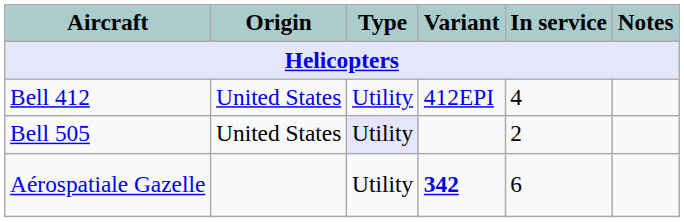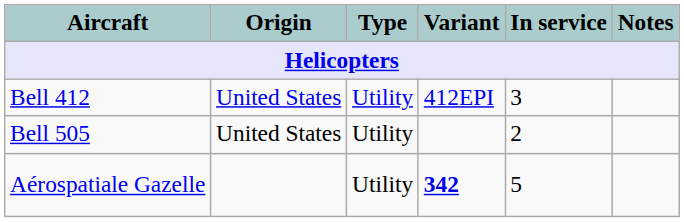 <table class="wikitable">
 <tr>
 <th style="text-align:center; background:#acc;">Aircraft</th>
 <th style="text-align: center; background:#acc;">Origin</th>
 <th style="text-align:l center; background:#acc;">Type</th>
 <th style="text-align:left; background:#acc;">Variant</th>
 <th style="text-align:center; background:#acc;">In service</th>
 <th style="text-align: center; background:#acc;">Notes</th>
 </tr>
 <tr>
 <th colspan="6" style="align: center; background: lavender;"><a href='#'>Helicopters</a></th>
 </tr>
 <tr>
 <td><a href='#'>Bell 412</a></td>
 <td><a href='#'>United States</a></td>
 <td><a href='#'>Utility</a></td>
 <td><a href='#'>412EPI</a></td>
-<td>4</td>
+<td>3</td>
 <td></td>
 </tr>
 <tr>
 <td><a href='#'>Bell 505</a></td>
 <td>United States</td>
-<td style="background: lavender;">Utility</td>
+<td>Utility</td>
 <td></td>
 <td>2</td>
 <td></td>
 </tr>
 <tr>
 <td><a href='#'>Aérospatiale Gazelle</a></td>
 <td><br><br></td>
 <td>Utility</td>
 <td><strong><a href='#'>342</a></strong></td>
-<td>6</td>
+<td>5</td>
 <td></td>
 </tr>
 </table>
